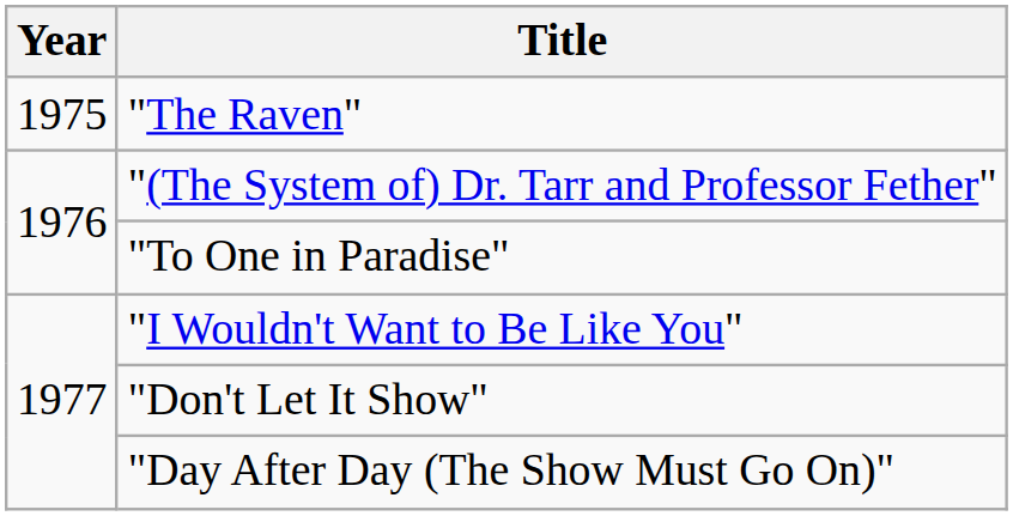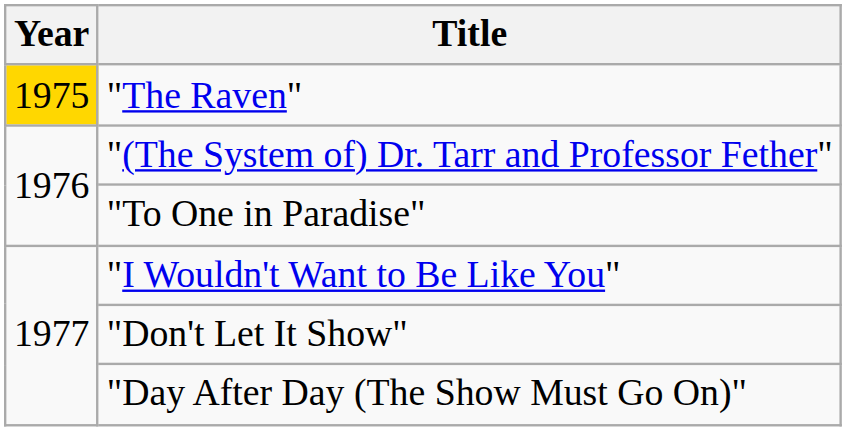 <table class="wikitable sortable">
 <tr>
 <th>Year</th>
 <th>Title</th>
 </tr>
 <tr>
-<td>1975</td>
+<td style="background: gold;">1975</td>
 <td>"<a href='#'>The Raven</a>"</td>
 </tr>
 <tr>
 <td rowspan="2">1976</td>
 <td>"<a href='#'>(The System of) Dr. Tarr and Professor Fether</a>"</td>
 </tr>
 <tr>
 <td>"To One in Paradise"</td>
 </tr>
 <tr>
 <td rowspan="3">1977</td>
 <td>"<a href='#'>I Wouldn't Want to Be Like You</a>"</td>
 </tr>
 <tr>
 <td>"Don't Let It Show"</td>
 </tr>
 <tr>
 <td>"Day After Day (The Show Must Go On)"</td>
 </tr>
 </table>
